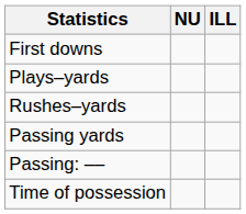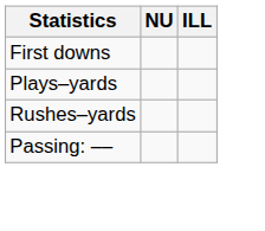 <table class="wikitable" style="float:left">
 <tr>
 <th>Statistics</th>
 <th>NU</th>
 <th>ILL</th>
 </tr>
 <tr>
 <td>First downs</td>
 <td></td>
 <td></td>
 </tr>
 <tr>
 <td>Plays–yards</td>
 <td></td>
 <td></td>
 </tr>
 <tr>
 <td>Rushes–yards</td>
 <td></td>
 <td></td>
 </tr>
 <tr>
-<td>Passing yards</td>
-<td></td>
-<td></td>
-</tr>
-<tr>
 <td>Passing: ––</td>
 <td></td>
 <td></td>
 </tr>
-<tr>
-<td>Time of possession</td>
-<td></td>
-<td></td>
-</tr>
 </table>
